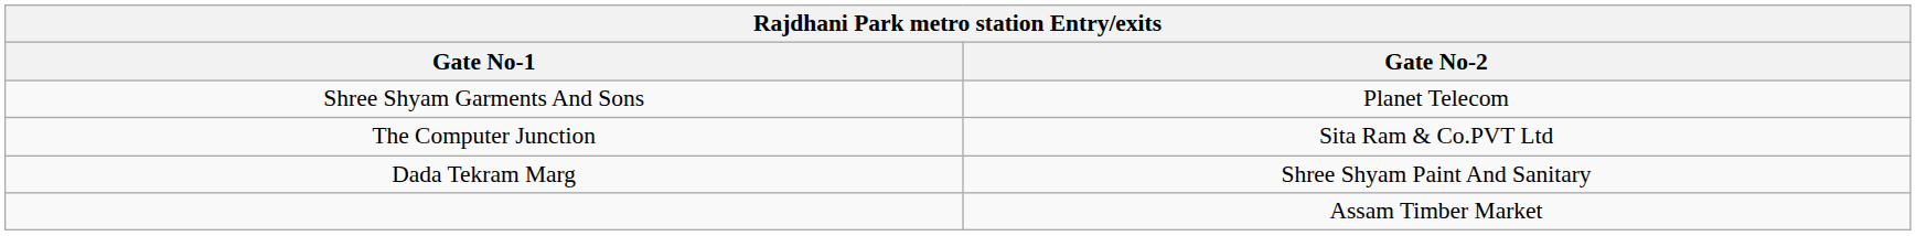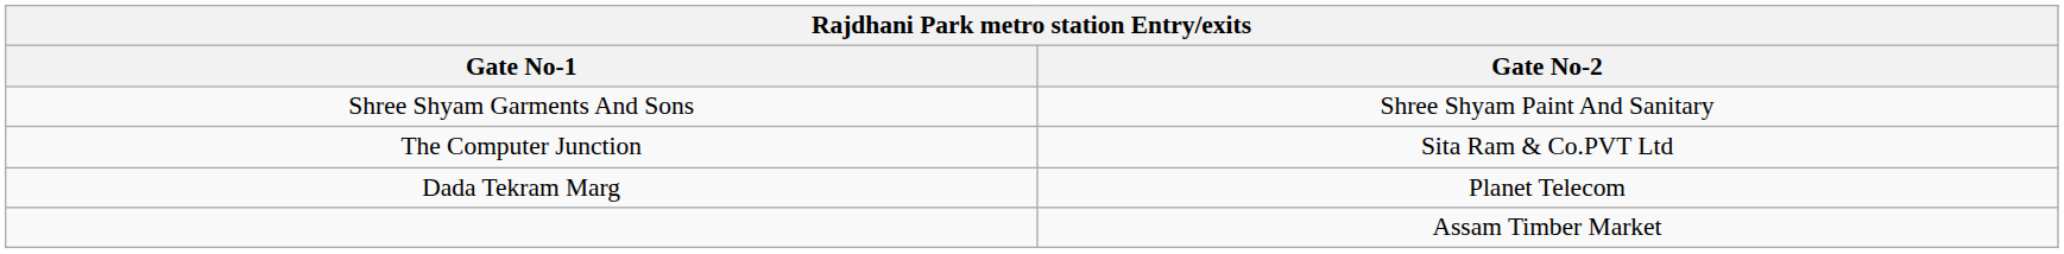 <table class="wikitable" style="text-align: center;" width="65%">
 <tr>
 <th align="center" colspan="5" style="background:#"><span>Rajdhani Park metro station Entry/exits</span></th>
 </tr>
 <tr>
 <th style="width:5%;">Gate No-1 </th>
 <th style="width:5%;">Gate No-2</th>
 </tr>
 <tr>
 <td>Shree Shyam Garments And Sons</td>
-<td>Planet Telecom</td>
+<td>Shree Shyam Paint And Sanitary</td>
 </tr>
 <tr>
 <td>The Computer Junction</td>
 <td>Sita Ram & Co.PVT Ltd</td>
 </tr>
 <tr>
 <td>Dada Tekram Marg</td>
-<td>Shree Shyam Paint And Sanitary</td>
+<td>Planet Telecom</td>
 </tr>
 <tr>
 <td></td>
 <td>Assam Timber Market</td>
 </tr>
 </table>
